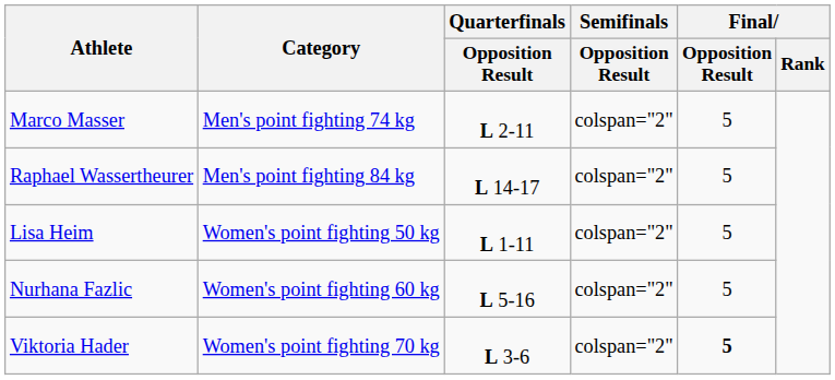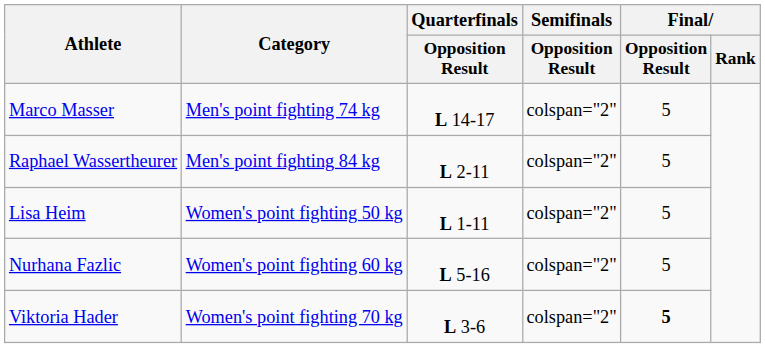 <table class="wikitable" style="text-align:center; font-size:90%">
 <tr>
 <th rowspan="2">Athlete</th>
 <th rowspan="2">Category</th>
 <th>Quarterfinals</th>
 <th>Semifinals</th>
 <th colspan="2">Final/</th>
 </tr>
 <tr style="font-size:95%">
 <th>Opposition<br>Result</th>
 <th>Opposition<br>Result</th>
 <th>Opposition<br>Result</th>
 <th>Rank</th>
 </tr>
 <tr>
 <td align="left"><a href='#'>Marco Masser</a></td>
 <td align="left"><a href='#'>Men's point fighting 74 kg</a></td>
-<td><br><strong>L</strong> 2-11</td>
+<td><br><strong>L</strong> 14-17</td>
 <td>colspan="2" </td>
 <td>5</td>
 </tr>
 <tr>
 <td align="left"><a href='#'>Raphael Wassertheurer</a></td>
 <td align="left"><a href='#'>Men's point fighting 84 kg</a></td>
-<td><br><strong>L</strong> 14-17</td>
+<td><br><strong>L</strong> 2-11</td>
 <td>colspan="2" </td>
 <td>5</td>
 </tr>
 <tr>
 <td align="left"><a href='#'>Lisa Heim</a></td>
 <td align="left"><a href='#'>Women's point fighting 50 kg</a></td>
 <td><br><strong>L</strong> 1-11</td>
 <td>colspan="2" </td>
 <td>5</td>
 </tr>
 <tr>
 <td align="left"><a href='#'>Nurhana Fazlic</a></td>
 <td align="left"><a href='#'>Women's point fighting 60 kg</a></td>
 <td><br><strong>L</strong> 5-16</td>
 <td>colspan="2" </td>
 <td>5</td>
 </tr>
 <tr>
 <td align="left"><a href='#'>Viktoria Hader</a></td>
 <td align="left"><a href='#'>Women's point fighting 70 kg</a></td>
 <td><br><strong>L</strong> 3-6</td>
 <td>colspan="2" </td>
 <td><strong>5</strong></td>
 </tr>
 </table>
